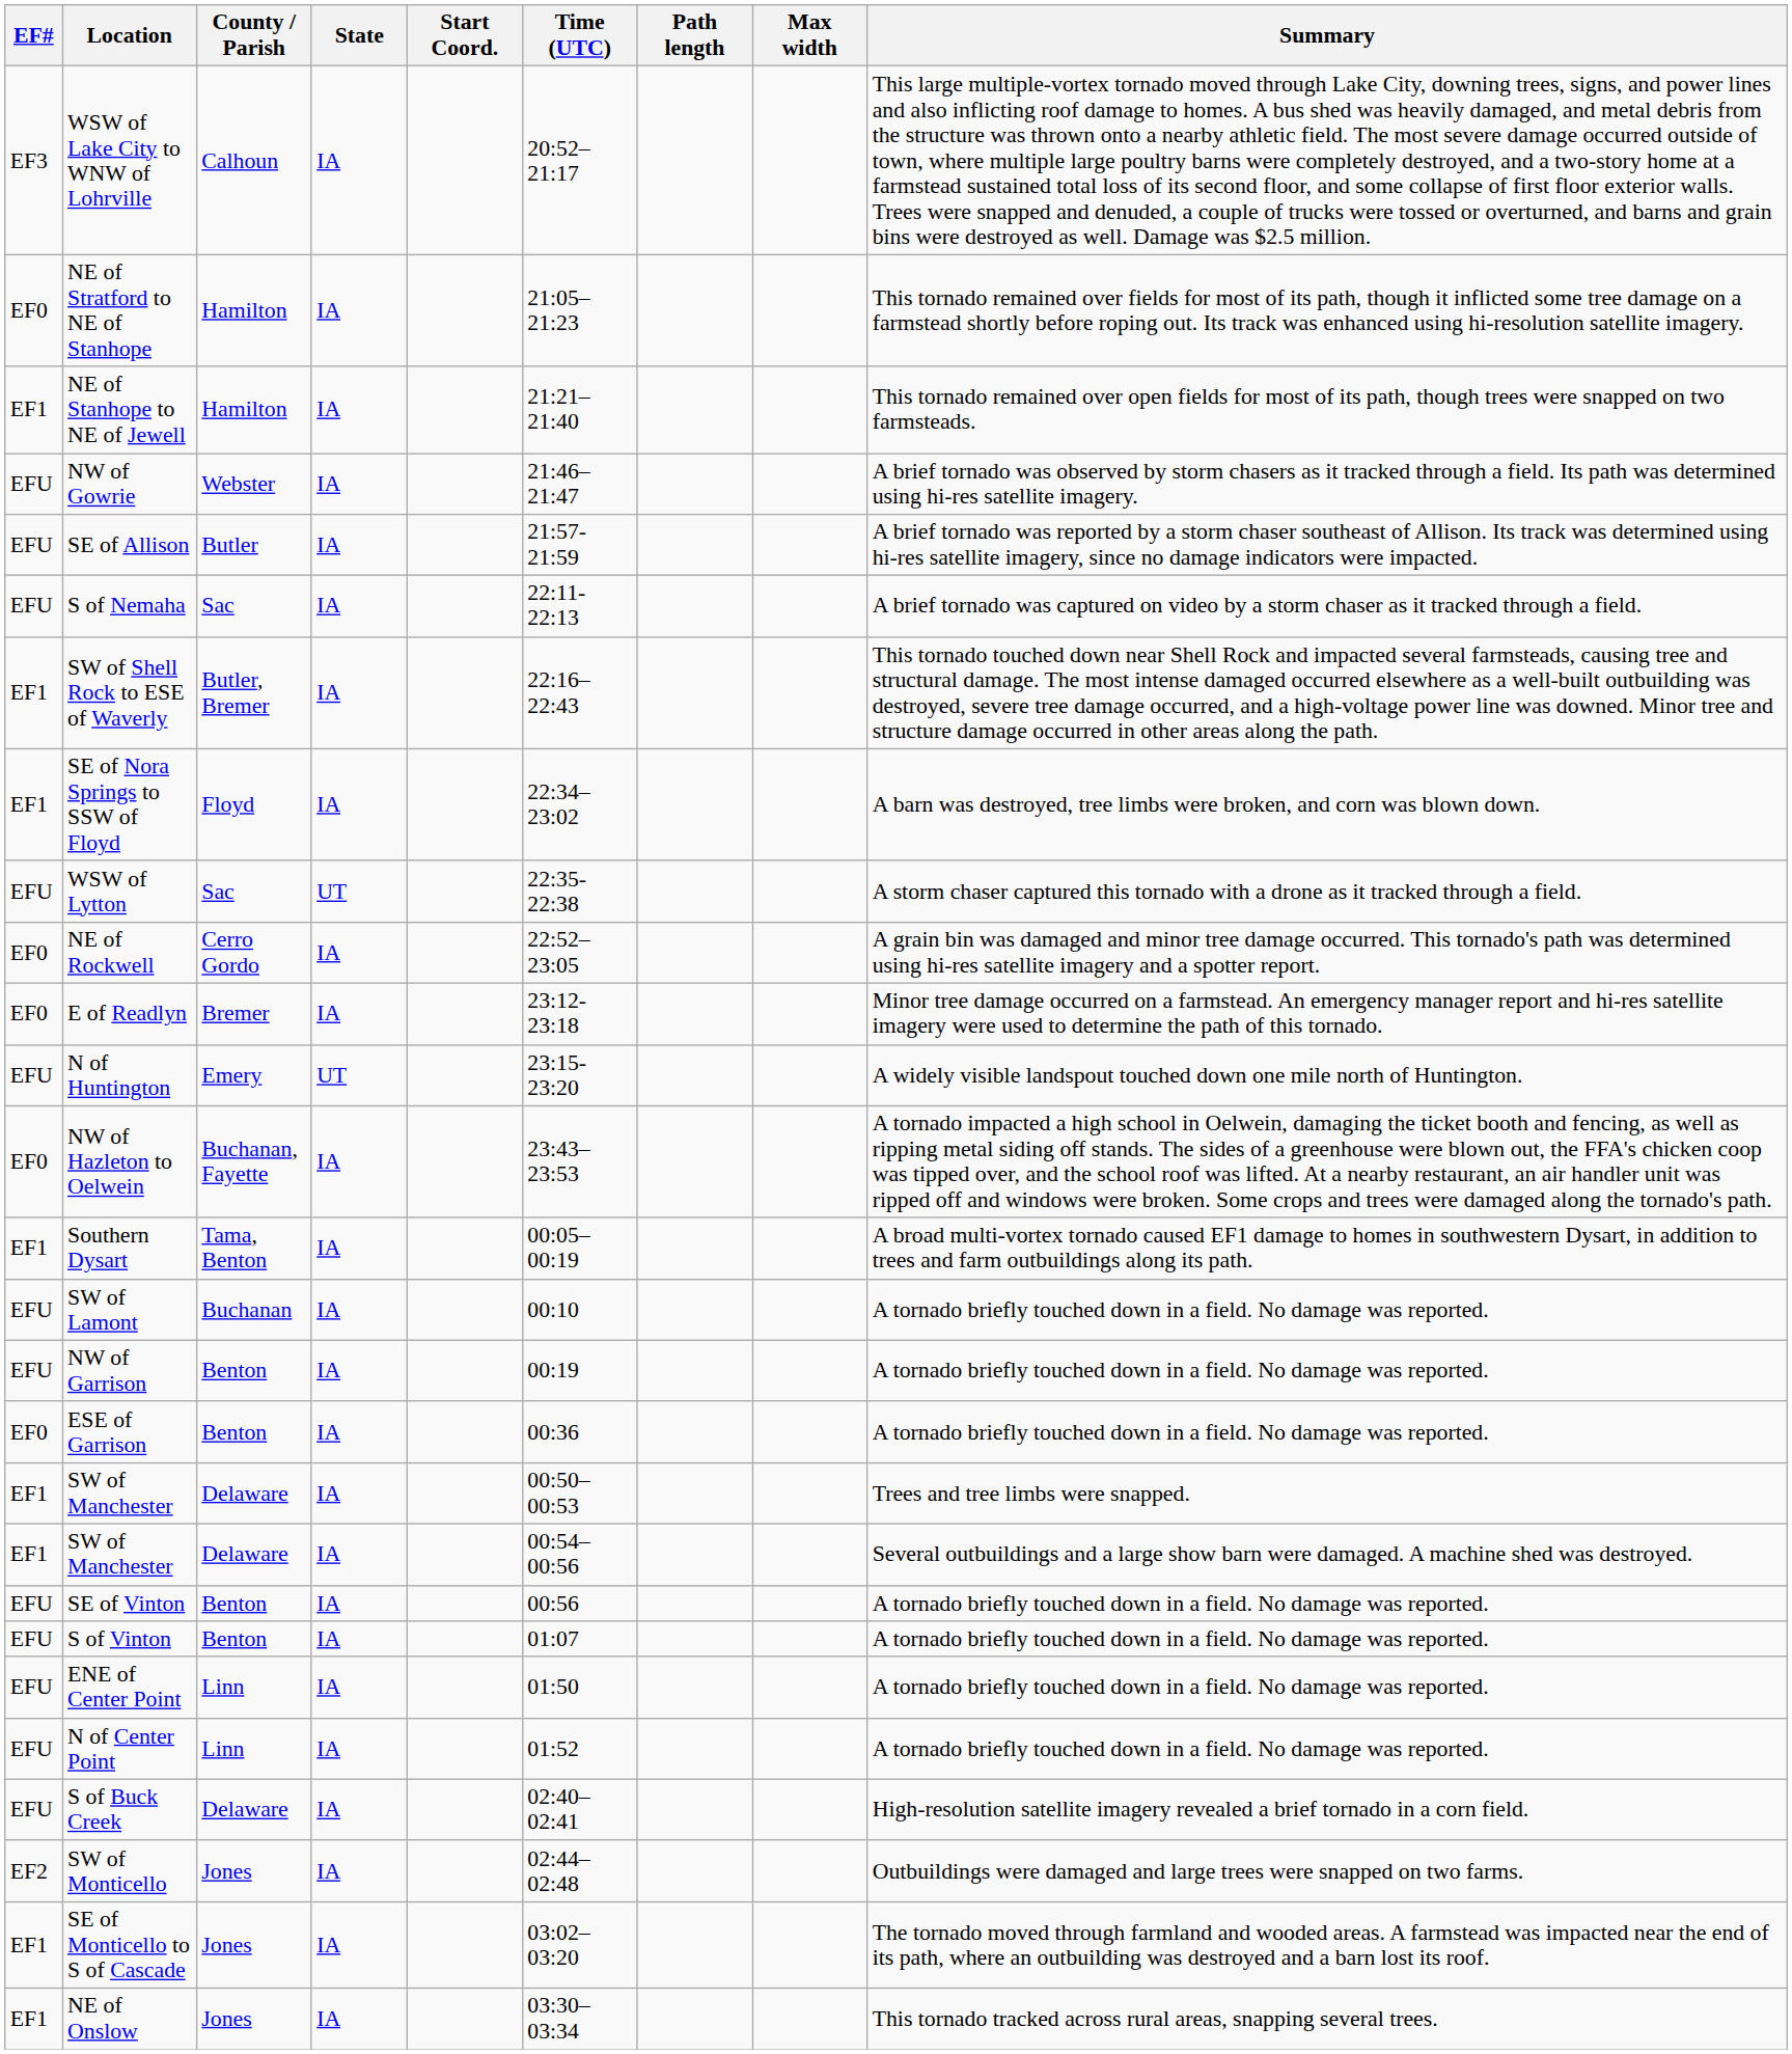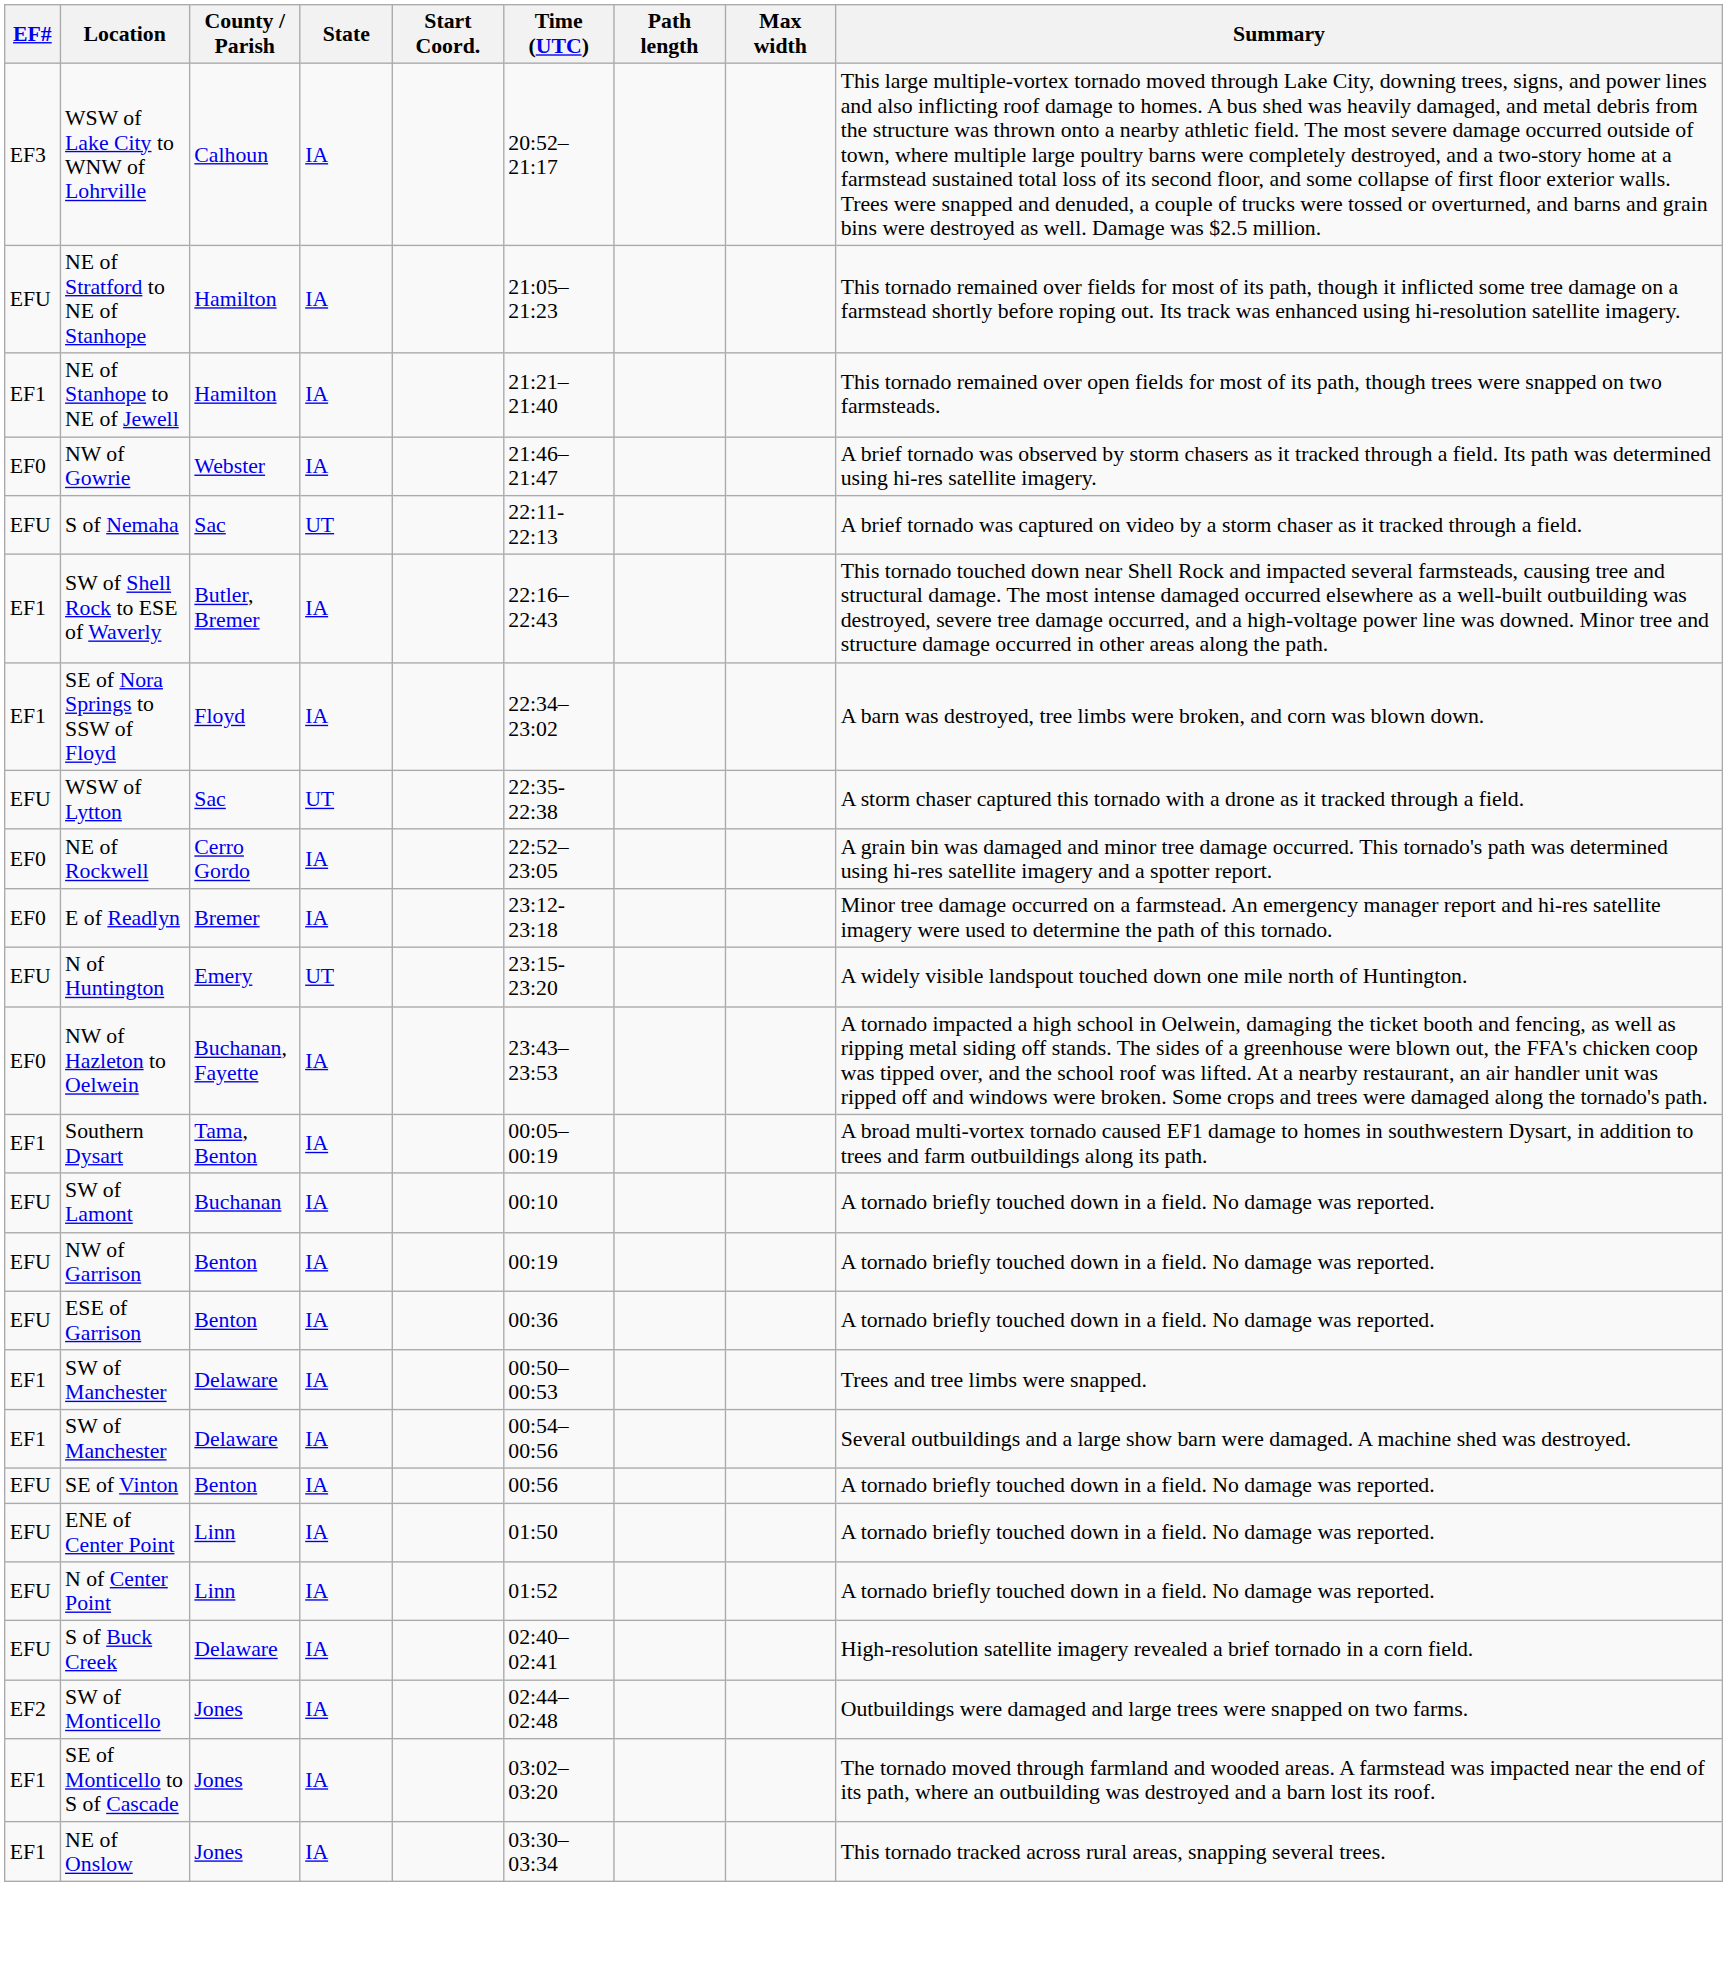 <table class="wikitable sortable" style="width:100%;">
 <tr>
 <th scope="col"  style="width:3%; text-align:center;"><a href='#'>EF#</a></th>
 <th scope="col"  style="width:7%; text-align:center;" class="unsortable">Location</th>
 <th scope="col"  style="width:6%; text-align:center;" class="unsortable">County / Parish</th>
 <th scope="col"  style="width:5%; text-align:center;">State</th>
 <th scope="col"  style="width:6%; text-align:center;">Start Coord.</th>
 <th scope="col"  style="width:6%; text-align:center;">Time (<a href='#'>UTC</a>)</th>
 <th scope="col"  style="width:6%; text-align:center;">Path length</th>
 <th scope="col"  style="width:6%; text-align:center;">Max width</th>
 <th scope="col" class="unsortable" style="width:48%; text-align:center;">Summary</th>
 </tr>
 <tr>
 <td>EF3</td>
 <td>WSW of <a href='#'>Lake City</a> to WNW of <a href='#'>Lohrville</a></td>
 <td><a href='#'>Calhoun</a></td>
 <td><a href='#'>IA</a></td>
 <td></td>
 <td>20:52–21:17</td>
 <td></td>
 <td></td>
 <td>This large multiple-vortex tornado moved through Lake City, downing trees, signs, and power lines and also inflicting roof damage to homes. A bus shed was heavily damaged, and metal debris from the structure was thrown onto a nearby athletic field. The most severe damage occurred outside of town, where multiple large poultry barns were completely destroyed, and a two-story home at a farmstead sustained total loss of its second floor, and some collapse of first floor exterior walls. Trees were snapped and denuded, a couple of trucks were tossed or overturned, and barns and grain bins were destroyed as well. Damage was $2.5 million.</td>
 </tr>
 <tr>
-<td>EF0</td>
+<td>EFU</td>
 <td>NE of <a href='#'>Stratford</a> to NE of <a href='#'>Stanhope</a></td>
 <td><a href='#'>Hamilton</a></td>
 <td><a href='#'>IA</a></td>
 <td></td>
 <td>21:05–21:23</td>
 <td></td>
 <td></td>
 <td>This tornado remained over fields for most of its path, though it inflicted some tree damage on a farmstead shortly before roping out. Its track was enhanced using hi-resolution satellite imagery.</td>
 </tr>
 <tr>
 <td>EF1</td>
 <td>NE of <a href='#'>Stanhope</a> to NE of <a href='#'>Jewell</a></td>
 <td><a href='#'>Hamilton</a></td>
 <td><a href='#'>IA</a></td>
 <td></td>
 <td>21:21–21:40</td>
 <td></td>
 <td></td>
 <td>This tornado remained over open fields for most of its path, though trees were snapped on two farmsteads.</td>
 </tr>
 <tr>
-<td>EFU</td>
+<td>EF0</td>
 <td>NW of <a href='#'>Gowrie</a></td>
 <td><a href='#'>Webster</a></td>
 <td><a href='#'>IA</a></td>
 <td></td>
 <td>21:46–21:47</td>
 <td></td>
 <td></td>
 <td>A brief tornado was observed by storm chasers as it tracked through a field. Its path was determined using hi-res satellite imagery.</td>
 </tr>
 <tr>
 <td>EFU</td>
-<td>SE of <a href='#'>Allison</a></td>
-<td><a href='#'>Butler</a></td>
-<td><a href='#'>IA</a></td>
-<td></td>
-<td>21:57-21:59</td>
-<td></td>
-<td></td>
-<td>A brief tornado was reported by a storm chaser southeast of Allison. Its track was determined using hi-res satellite imagery, since no damage indicators were impacted.</td>
-</tr>
-<tr>
-<td>EFU</td>
 <td>S of <a href='#'>Nemaha</a></td>
 <td><a href='#'>Sac</a></td>
-<td><a href='#'>IA</a></td>
+<td><a href='#'>UT</a></td>
 <td></td>
 <td>22:11-22:13</td>
 <td></td>
 <td></td>
 <td>A brief tornado was captured on video by a storm chaser as it tracked through a field.</td>
 </tr>
 <tr>
 <td>EF1</td>
 <td>SW of <a href='#'>Shell Rock</a> to ESE of <a href='#'>Waverly</a></td>
 <td><a href='#'>Butler</a>, <a href='#'>Bremer</a></td>
 <td><a href='#'>IA</a></td>
 <td></td>
 <td>22:16–22:43</td>
 <td></td>
 <td></td>
 <td>This tornado touched down near Shell Rock and impacted several farmsteads, causing tree and structural damage. The most intense damaged occurred elsewhere as a well-built outbuilding was destroyed, severe tree damage occurred, and a high-voltage power line was downed. Minor tree and structure damage occurred in other areas along the path.</td>
 </tr>
 <tr>
 <td>EF1</td>
 <td>SE of <a href='#'>Nora Springs</a> to SSW of <a href='#'>Floyd</a></td>
 <td><a href='#'>Floyd</a></td>
 <td><a href='#'>IA</a></td>
 <td></td>
 <td>22:34–23:02</td>
 <td></td>
 <td></td>
 <td>A barn was destroyed, tree limbs were broken, and corn was blown down.</td>
 </tr>
 <tr>
 <td>EFU</td>
 <td>WSW of <a href='#'>Lytton</a></td>
 <td><a href='#'>Sac</a></td>
 <td><a href='#'>UT</a></td>
 <td></td>
 <td>22:35-22:38</td>
 <td></td>
 <td></td>
 <td>A storm chaser captured this tornado with a drone as it tracked through a field.</td>
 </tr>
 <tr>
 <td>EF0</td>
 <td>NE of <a href='#'>Rockwell</a></td>
 <td><a href='#'>Cerro Gordo</a></td>
 <td><a href='#'>IA</a></td>
 <td></td>
 <td>22:52–23:05</td>
 <td></td>
 <td></td>
 <td>A grain bin was damaged and minor tree damage occurred. This tornado's path was determined using hi-res satellite imagery and a spotter report.</td>
 </tr>
 <tr>
 <td>EF0</td>
 <td>E of <a href='#'>Readlyn</a></td>
 <td><a href='#'>Bremer</a></td>
 <td><a href='#'>IA</a></td>
 <td></td>
 <td>23:12-23:18</td>
 <td></td>
 <td></td>
 <td>Minor tree damage occurred on a farmstead. An emergency manager report and hi-res satellite imagery were used to determine the path of this tornado.</td>
 </tr>
 <tr>
 <td>EFU</td>
 <td>N of <a href='#'>Huntington</a></td>
 <td><a href='#'>Emery</a></td>
 <td><a href='#'>UT</a></td>
 <td></td>
 <td>23:15-23:20</td>
 <td></td>
 <td></td>
 <td>A widely visible landspout touched down one mile north of Huntington.</td>
 </tr>
 <tr>
 <td>EF0</td>
 <td>NW of <a href='#'>Hazleton</a> to <a href='#'>Oelwein</a></td>
 <td><a href='#'>Buchanan</a>, <a href='#'>Fayette</a></td>
 <td><a href='#'>IA</a></td>
 <td></td>
 <td>23:43–23:53</td>
 <td></td>
 <td></td>
 <td>A tornado impacted a high school in Oelwein, damaging the ticket booth and fencing, as well as ripping metal siding off stands. The sides of a greenhouse were blown out, the FFA's chicken coop was tipped over, and the school roof was lifted. At a nearby restaurant, an air handler unit was ripped off and windows were broken. Some crops and trees were damaged along the tornado's path.</td>
 </tr>
 <tr>
 <td>EF1</td>
 <td>Southern <a href='#'>Dysart</a></td>
 <td><a href='#'>Tama</a>, <a href='#'>Benton</a></td>
 <td><a href='#'>IA</a></td>
 <td></td>
 <td>00:05–00:19</td>
 <td></td>
 <td></td>
 <td>A broad multi-vortex tornado caused EF1 damage to homes in southwestern Dysart, in addition to trees and farm outbuildings along its path.</td>
 </tr>
 <tr>
 <td>EFU</td>
 <td>SW of <a href='#'>Lamont</a></td>
 <td><a href='#'>Buchanan</a></td>
 <td><a href='#'>IA</a></td>
 <td></td>
 <td>00:10</td>
 <td></td>
 <td></td>
 <td>A tornado briefly touched down in a field. No damage was reported.</td>
 </tr>
 <tr>
 <td>EFU</td>
 <td>NW of <a href='#'>Garrison</a></td>
 <td><a href='#'>Benton</a></td>
 <td><a href='#'>IA</a></td>
 <td></td>
 <td>00:19</td>
 <td></td>
 <td></td>
 <td>A tornado briefly touched down in a field. No damage was reported.</td>
 </tr>
 <tr>
-<td>EF0</td>
+<td>EFU</td>
 <td>ESE of <a href='#'>Garrison</a></td>
 <td><a href='#'>Benton</a></td>
 <td><a href='#'>IA</a></td>
 <td></td>
 <td>00:36</td>
 <td></td>
 <td></td>
 <td>A tornado briefly touched down in a field. No damage was reported.</td>
 </tr>
 <tr>
 <td>EF1</td>
 <td>SW of <a href='#'>Manchester</a></td>
 <td><a href='#'>Delaware</a></td>
 <td><a href='#'>IA</a></td>
 <td></td>
 <td>00:50–00:53</td>
 <td></td>
 <td></td>
 <td>Trees and tree limbs were snapped.</td>
 </tr>
 <tr>
 <td>EF1</td>
 <td>SW of <a href='#'>Manchester</a></td>
 <td><a href='#'>Delaware</a></td>
 <td><a href='#'>IA</a></td>
 <td></td>
 <td>00:54–00:56</td>
 <td></td>
 <td></td>
 <td>Several outbuildings and a large show barn were damaged. A machine shed was destroyed.</td>
 </tr>
 <tr>
 <td>EFU</td>
 <td>SE of <a href='#'>Vinton</a></td>
 <td><a href='#'>Benton</a></td>
 <td><a href='#'>IA</a></td>
 <td></td>
 <td>00:56</td>
-<td></td>
-<td></td>
-<td>A tornado briefly touched down in a field. No damage was reported.</td>
-</tr>
-<tr>
-<td>EFU</td>
-<td>S of <a href='#'>Vinton</a></td>
-<td><a href='#'>Benton</a></td>
-<td><a href='#'>IA</a></td>
-<td></td>
-<td>01:07</td>
 <td></td>
 <td></td>
 <td>A tornado briefly touched down in a field. No damage was reported.</td>
 </tr>
 <tr>
 <td>EFU</td>
 <td>ENE of <a href='#'>Center Point</a></td>
 <td><a href='#'>Linn</a></td>
 <td><a href='#'>IA</a></td>
 <td></td>
 <td>01:50</td>
 <td></td>
 <td></td>
 <td>A tornado briefly touched down in a field. No damage was reported.</td>
 </tr>
 <tr>
 <td>EFU</td>
 <td>N of <a href='#'>Center Point</a></td>
 <td><a href='#'>Linn</a></td>
 <td><a href='#'>IA</a></td>
 <td></td>
 <td>01:52</td>
 <td></td>
 <td></td>
 <td>A tornado briefly touched down in a field. No damage was reported.</td>
 </tr>
 <tr>
 <td>EFU</td>
 <td>S of <a href='#'>Buck Creek</a></td>
 <td><a href='#'>Delaware</a></td>
 <td><a href='#'>IA</a></td>
 <td></td>
 <td>02:40–02:41</td>
 <td></td>
 <td></td>
 <td>High-resolution satellite imagery revealed a brief tornado in a corn field.</td>
 </tr>
 <tr>
 <td>EF2</td>
 <td>SW of <a href='#'>Monticello</a></td>
 <td><a href='#'>Jones</a></td>
 <td><a href='#'>IA</a></td>
 <td></td>
 <td>02:44–02:48</td>
 <td></td>
 <td></td>
 <td>Outbuildings were damaged and large trees were snapped on two farms.</td>
 </tr>
 <tr>
 <td>EF1</td>
 <td>SE of <a href='#'>Monticello</a> to S of <a href='#'>Cascade</a></td>
 <td><a href='#'>Jones</a></td>
 <td><a href='#'>IA</a></td>
 <td></td>
 <td>03:02–03:20</td>
 <td></td>
 <td></td>
 <td>The tornado moved through farmland and wooded areas. A farmstead was impacted near the end of its path, where an outbuilding was destroyed and a barn lost its roof.</td>
 </tr>
 <tr>
 <td>EF1</td>
 <td>NE of <a href='#'>Onslow</a></td>
 <td><a href='#'>Jones</a></td>
 <td><a href='#'>IA</a></td>
 <td></td>
 <td>03:30–03:34</td>
 <td></td>
 <td></td>
 <td>This tornado tracked across rural areas, snapping several trees.</td>
 </tr>
 <tr>
 </tr>
 </table>
